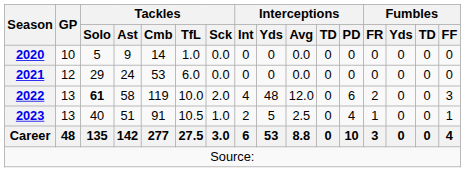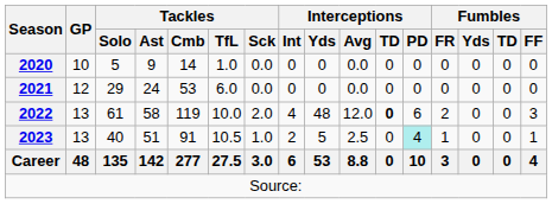 <table class="wikitable" style="text-align:center;">
 <tr>
 <th rowspan="2">Season</th>
 <th rowspan="2">GP</th>
 <th colspan="5">Tackles</th>
 <th colspan="5">Interceptions</th>
 <th colspan="4">Fumbles</th>
 </tr>
 <tr>
 <th>Solo</th>
 <th>Ast</th>
 <th>Cmb</th>
 <th>TfL</th>
 <th>Sck</th>
 <th>Int</th>
 <th>Yds</th>
 <th>Avg</th>
 <th>TD</th>
 <th>PD</th>
 <th>FR</th>
 <th>Yds</th>
 <th>TD</th>
 <th>FF</th>
 </tr>
 <tr>
 <th><a href='#'>2020</a></th>
 <td>10</td>
 <td>5</td>
 <td>9</td>
 <td>14</td>
 <td>1.0</td>
 <td>0.0</td>
 <td>0</td>
 <td>0</td>
 <td>0.0</td>
 <td>0</td>
 <td>0</td>
 <td>0</td>
 <td>0</td>
 <td>0</td>
 <td>0</td>
 </tr>
 <tr>
 <th><a href='#'>2021</a></th>
 <td>12</td>
 <td>29</td>
 <td>24</td>
 <td>53</td>
 <td>6.0</td>
 <td>0.0</td>
 <td>0</td>
 <td>0</td>
 <td>0.0</td>
 <td>0</td>
 <td>0</td>
 <td>0</td>
 <td>0</td>
 <td>0</td>
 <td>0</td>
 </tr>
 <tr>
 <th><a href='#'>2022</a></th>
 <td>13</td>
-<td><strong>61</strong></td>
+<td>61</td>
 <td>58</td>
 <td>119</td>
 <td>10.0</td>
 <td>2.0</td>
 <td>4</td>
 <td>48</td>
 <td>12.0</td>
-<td>0</td>
+<td><strong>0</strong></td>
 <td>6</td>
 <td>2</td>
 <td>0</td>
 <td>0</td>
 <td>3</td>
 </tr>
 <tr>
 <th><a href='#'>2023</a></th>
 <td>13</td>
 <td>40</td>
 <td>51</td>
 <td>91</td>
 <td>10.5</td>
 <td>1.0</td>
 <td>2</td>
 <td>5</td>
 <td>2.5</td>
 <td>0</td>
-<td>4</td>
+<td style="background: paleturquoise;">4</td>
 <td>1</td>
 <td>0</td>
 <td>0</td>
 <td>1</td>
 </tr>
 <tr>
 <th>Career</th>
 <th>48</th>
 <th>135</th>
 <th>142</th>
 <th>277</th>
 <th>27.5</th>
 <th>3.0</th>
 <th>6</th>
 <th>53</th>
 <th>8.8</th>
 <th>0</th>
 <th>10</th>
 <th>3</th>
 <th>0</th>
 <th>0</th>
 <th>4</th>
 </tr>
 <tr>
 <td colspan="16">Source:</td>
 </tr>
 </table>
